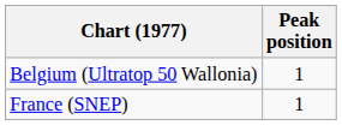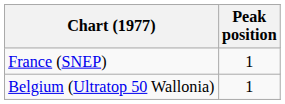 <table class="wikitable plainrowheaders" style="text-align:left;">
 <tr>
 <th scope="col">Chart (1977)</th>
 <th scope="col">Peak<br>position</th>
 </tr>
 <tr>
+<td><a href='#'>France</a> (<a href='#'>SNEP</a>)</td>
+<td align="center">1</td>
+</tr>
+<tr>
 <td><a href='#'>Belgium</a> (<a href='#'>Ultratop 50</a> Wallonia)</td>
 <td align="center">1</td>
 </tr>
-<tr>
-<td><a href='#'>France</a> (<a href='#'>SNEP</a>)</td>
-<td align="center">1</td>
-</tr>
 </table>
